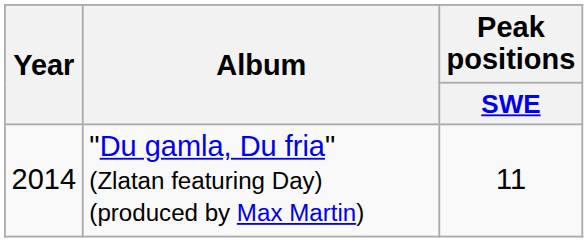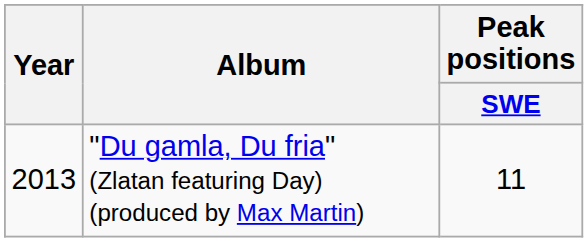 <table class="wikitable">
 <tr>
 <th rowspan="2" style="text-align:center;width:10px">Year</th>
 <th rowspan="2" style="text-align:center;width:190px">Album</th>
 <th style="text-align:center;width:20px">Peak positions</th>
 </tr>
 <tr>
 <th scope="col" style="width:3em;font-size:90%"><a href='#'>SWE</a></th>
 </tr>
 <tr>
-<td style="text-align:center">2014</td>
+<td style="text-align:center">2013</td>
 <td>"<a href='#'>Du gamla, Du fria</a>" <br><small>(Zlatan featuring Day)<br>(produced by <a href='#'>Max Martin</a>)</small></td>
 <td style="text-align:center">11</td>
 </tr>
 </table>
